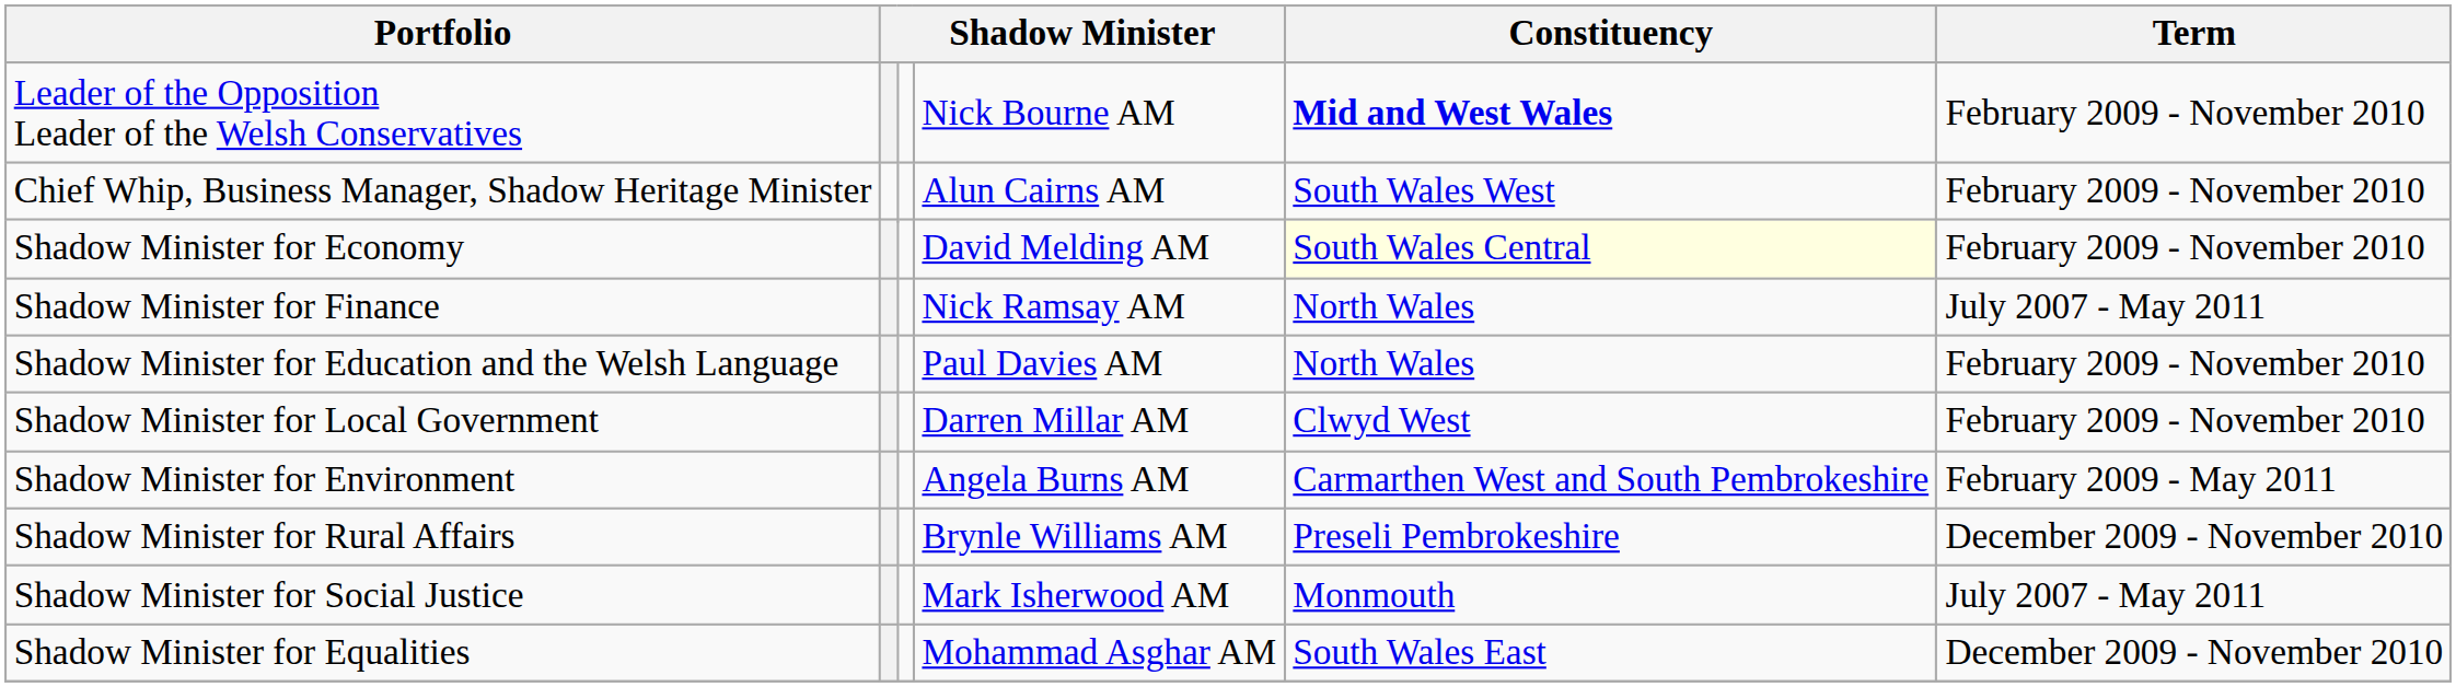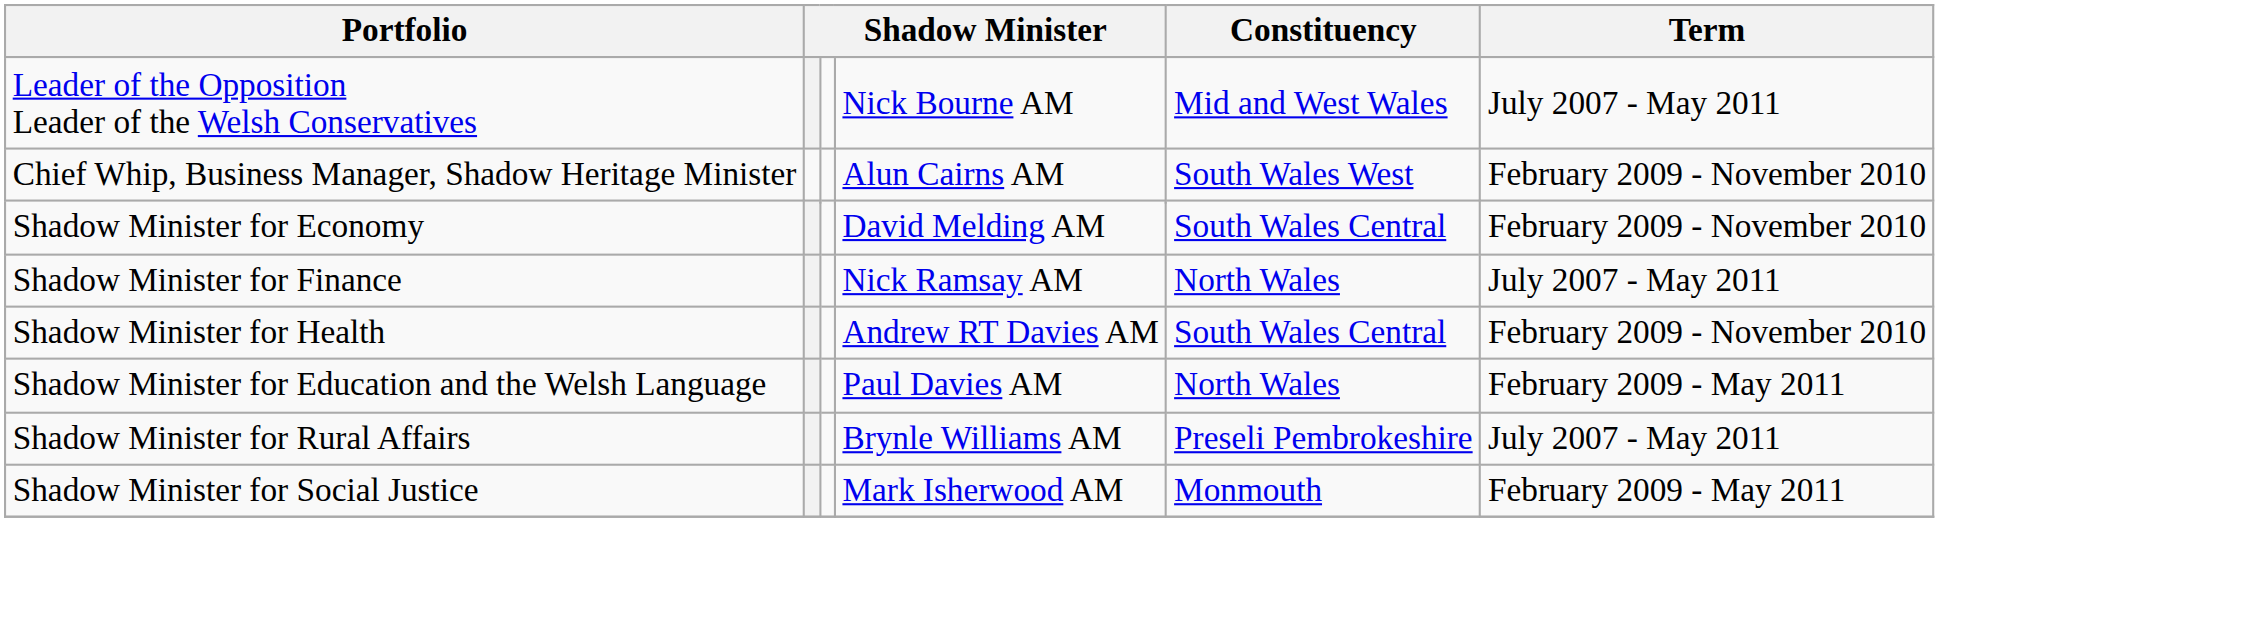 <table class="wikitable">
 <tr>
 <th colspan="1">Portfolio</th>
 <th colspan="3">Shadow Minister</th>
 <th colspan="1">Constituency</th>
 <th colspan="1">Term</th>
 </tr>
 <tr>
 <td><a href='#'>Leader of the Opposition</a> <br> Leader of the <a href='#'>Welsh Conservatives</a></td>
 <th style="background: "></th>
 <td></td>
 <td><a href='#'>Nick Bourne</a> AM</td>
-<td><strong><a href='#'>Mid and West Wales</a></strong></td>
-<td>February 2009 - November 2010</td>
+<td><a href='#'>Mid and West Wales</a></td>
+<td>July 2007 - May 2011</td>
 </tr>
 <tr>
 <td>Chief Whip, Business Manager, Shadow Heritage Minister</td>
 <td rowspan="2" ! style="background: "></td>
 <td rowspan="2"></td>
 <td rowspan="2"><a href='#'>Alun Cairns</a> AM</td>
 <td rowspan="2"><a href='#'>South Wales West</a></td>
 <td>February 2009 - November 2010</td>
 </tr>
 <tr>
 <td rowspan="2">Shadow Minister for Economy</td>
 <td rowspan="2">February 2009 - November 2010</td>
 </tr>
 <tr>
 <th style="background: "></th>
 <td></td>
 <td><a href='#'>David Melding</a> AM</td>
-<td style="background: lightyellow;"><a href='#'>South Wales Central</a></td>
+<td><a href='#'>South Wales Central</a></td>
 </tr>
 <tr>
 <td>Shadow Minister for Finance</td>
 <th style="background: "></th>
 <td></td>
 <td><a href='#'>Nick Ramsay</a> AM</td>
 <td><a href='#'>North Wales</a></td>
 <td>July 2007 - May 2011</td>
 </tr>
 <tr>
+<td>Shadow Minister for Health</td>
+<th style="background: "></th>
+<td></td>
+<td><a href='#'>Andrew RT Davies</a> AM</td>
+<td><a href='#'>South Wales Central</a></td>
+<td>February 2009 - November 2010</td>
+</tr>
+<tr>
 <td>Shadow Minister for Education and the Welsh Language</td>
 <th style="background: "></th>
 <td></td>
 <td><a href='#'>Paul Davies</a> AM</td>
 <td><a href='#'>North Wales</a></td>
-<td>February 2009 - November 2010</td>
-</tr>
-<tr>
-<td>Shadow Minister for Local Government</td>
-<th style="background: "></th>
-<td></td>
-<td><a href='#'>Darren Millar</a> AM</td>
-<td><a href='#'>Clwyd West</a></td>
-<td>February 2009 - November 2010</td>
-</tr>
-<tr>
-<td>Shadow Minister for Environment</td>
-<th style="background: "></th>
-<td></td>
-<td><a href='#'>Angela Burns</a> AM</td>
-<td><a href='#'>Carmarthen West and South Pembrokeshire</a></td>
 <td>February 2009 - May 2011</td>
 </tr>
 <tr>
 <td>Shadow Minister for Rural Affairs</td>
 <th style="background: "></th>
 <td></td>
 <td><a href='#'>Brynle Williams</a> AM</td>
 <td><a href='#'>Preseli Pembrokeshire</a></td>
-<td>December 2009 - November 2010</td>
+<td>July 2007 - May 2011</td>
 </tr>
 <tr>
 <td>Shadow Minister for Social Justice</td>
 <th style="background: "></th>
 <td></td>
 <td><a href='#'>Mark Isherwood</a> AM</td>
 <td><a href='#'>Monmouth</a></td>
-<td>July 2007 - May 2011</td>
-</tr>
-<tr>
-<td>Shadow Minister for Equalities</td>
-<th style="background: "></th>
-<td></td>
-<td><a href='#'>Mohammad Asghar</a> AM</td>
-<td><a href='#'>South Wales East</a></td>
-<td>December 2009 - November 2010</td>
+<td>February 2009 - May 2011</td>
 </tr>
 <tr>
 </tr>
 </table>
